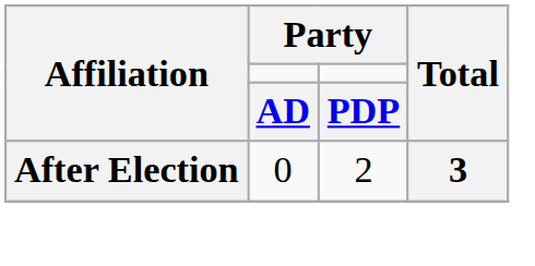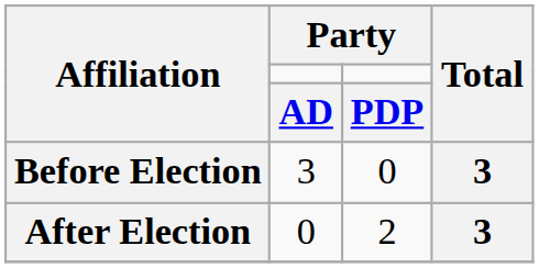 <table class="wikitable" style="text-align:center">
 <tr>
 <th rowspan="3">Affiliation</th>
 <th colspan="2">Party</th>
 <th rowspan="3">Total</th>
 </tr>
 <tr>
 <td style="background-color:"></td>
 <td style="background-color:"></td>
 </tr>
 <tr>
 <th><a href='#'>AD</a></th>
 <th><a href='#'>PDP</a></th>
 </tr>
 <tr>
+<th>Before Election</th>
+<td>3</td>
+<td>0</td>
+<th>3</th>
+</tr>
+<tr>
 <th>After Election</th>
 <td>0</td>
 <td>2</td>
 <th>3</th>
 </tr>
 <tr>
 </tr>
 </table>
